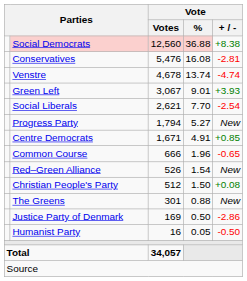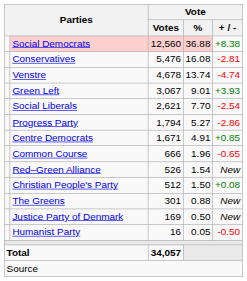 <table class="wikitable" style="text-align:right;">
 <tr>
 <th style="text-align:centre;" rowspan="2" colspan="2" width="225">Parties</th>
 <th colspan="3">Vote</th>
 </tr>
 <tr>
 <th width="15">Votes</th>
 <th width="15">%</th>
 <th width="15">+ / -</th>
 </tr>
 <tr>
 <td width="2" style="color:inherit;background:"></td>
 <td bgcolor=#fbd0ce  align="left"><a href='#'>Social Democrats</a></td>
 <td bgcolor=#fbd0ce>12,560</td>
 <td bgcolor=#fbd0ce>36.88</td>
 <td style=color:green;>+8.38</td>
 </tr>
 <tr>
 <td width="2" style="color:inherit;background:"></td>
 <td align="left"><a href='#'>Conservatives</a></td>
 <td>5,476</td>
 <td>16.08</td>
 <td style=color:red;>-2.81</td>
 </tr>
 <tr>
 <td width="2" style="color:inherit;background:"></td>
 <td align="left"><a href='#'>Venstre</a></td>
 <td>4,678</td>
 <td>13.74</td>
 <td style=color:red;>-4.74</td>
 </tr>
 <tr>
 <td width="2" style="color:inherit;background:"></td>
 <td align="left"><a href='#'>Green Left</a></td>
 <td>3,067</td>
 <td>9.01</td>
 <td style=color:green;>+3.93</td>
 </tr>
 <tr>
 <td width="2" style="color:inherit;background:"></td>
 <td align="left"><a href='#'>Social Liberals</a></td>
 <td>2,621</td>
 <td>7.70</td>
 <td style=color:red;>-2.54</td>
 </tr>
 <tr>
 <td width="2" style="color:inherit;background:"></td>
 <td align="left"><a href='#'>Progress Party</a></td>
 <td>1,794</td>
 <td>5.27</td>
-<td><em>New</em></td>
+<td style=color:red;>-2.86</td>
 </tr>
 <tr>
 <td width="2" style="color:inherit;background:"></td>
 <td align="left"><a href='#'>Centre Democrats</a></td>
 <td>1,671</td>
 <td>4.91</td>
 <td style=color:green;>+0.85</td>
 </tr>
 <tr>
 <td width="2" style="color:inherit;background:"></td>
 <td align="left"><a href='#'>Common Course</a></td>
 <td>666</td>
 <td>1.96</td>
 <td style=color:red;>-0.65</td>
 </tr>
 <tr>
 <td width="2" style="color:inherit;background:"></td>
 <td align="left"><a href='#'>Red–Green Alliance</a></td>
 <td>526</td>
 <td>1.54</td>
 <td><em>New</em></td>
 </tr>
 <tr>
 <td width="2" style="color:inherit;background:"></td>
 <td align="left"><a href='#'>Christian People's Party</a></td>
 <td>512</td>
 <td>1.50</td>
 <td style=color:green;>+0.08</td>
 </tr>
 <tr>
 <td width="2" style="color:inherit;background:"></td>
 <td align="left"><a href='#'>The Greens</a></td>
 <td>301</td>
 <td>0.88</td>
 <td><em>New</em></td>
 </tr>
 <tr>
 <td width="2" style="color:inherit;background:"></td>
 <td align="left"><a href='#'>Justice Party of Denmark</a></td>
 <td>169</td>
 <td>0.50</td>
-<td style=color:red;>-2.86</td>
+<td><em>New</em></td>
 </tr>
 <tr>
 <td width="2" style="color:inherit;background:"></td>
 <td align="left"><a href='#'>Humanist Party</a></td>
 <td>16</td>
 <td>0.05</td>
 <td style=color:red;>-0.50</td>
 </tr>
 <tr>
 <td colspan="7" bgcolor="#E9E9E9"></td>
 </tr>
 <tr>
 <td align="left" colspan="2"><strong>Total</strong></td>
 <td><strong>34,057</strong></td>
 <td bgcolor="#E9E9E9" colspan="2"></td>
 </tr>
 <tr>
 <td align="left" colspan="6">Source</td>
 </tr>
 </table>
